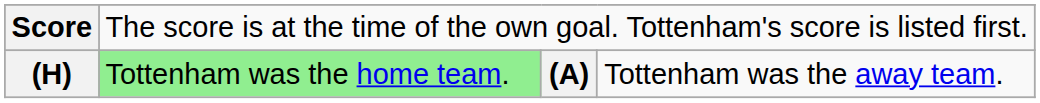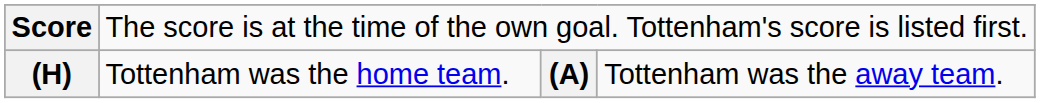 <table class="wikitable">
 <tr>
 <th>Score</th>
 <td colspan="3">The score is at the time of the own goal. Tottenham's score is listed first.</td>
 </tr>
 <tr>
 <th>(H)</th>
-<td style="background: lightgreen;">Tottenham was the <a href='#'>home team</a>.</td>
+<td>Tottenham was the <a href='#'>home team</a>.</td>
 <th>(A)</th>
 <td>Tottenham was the <a href='#'>away team</a>.</td>
 </tr>
 </table>
